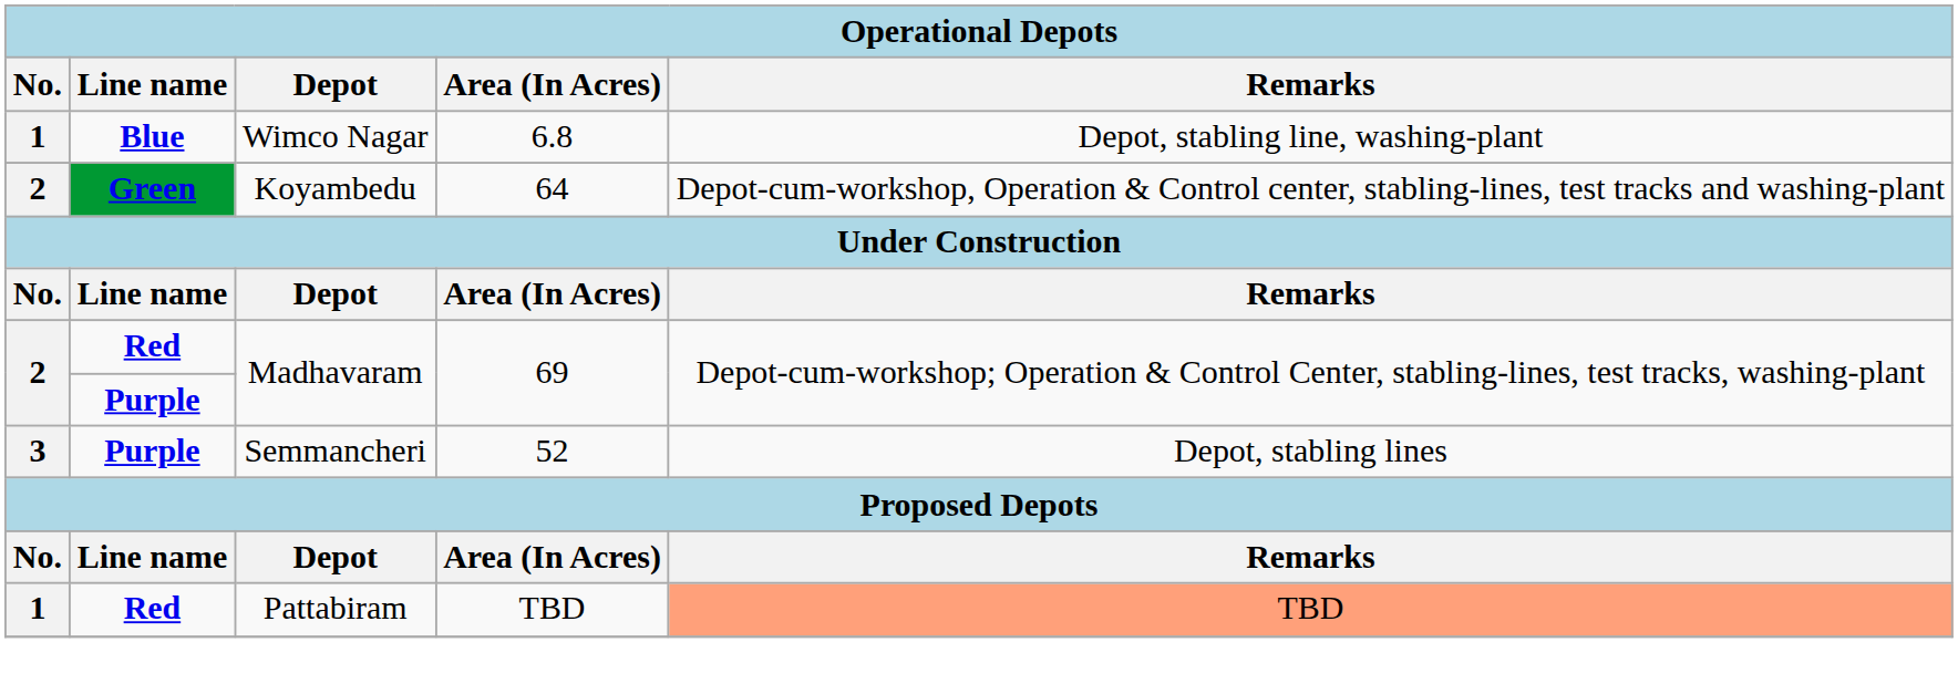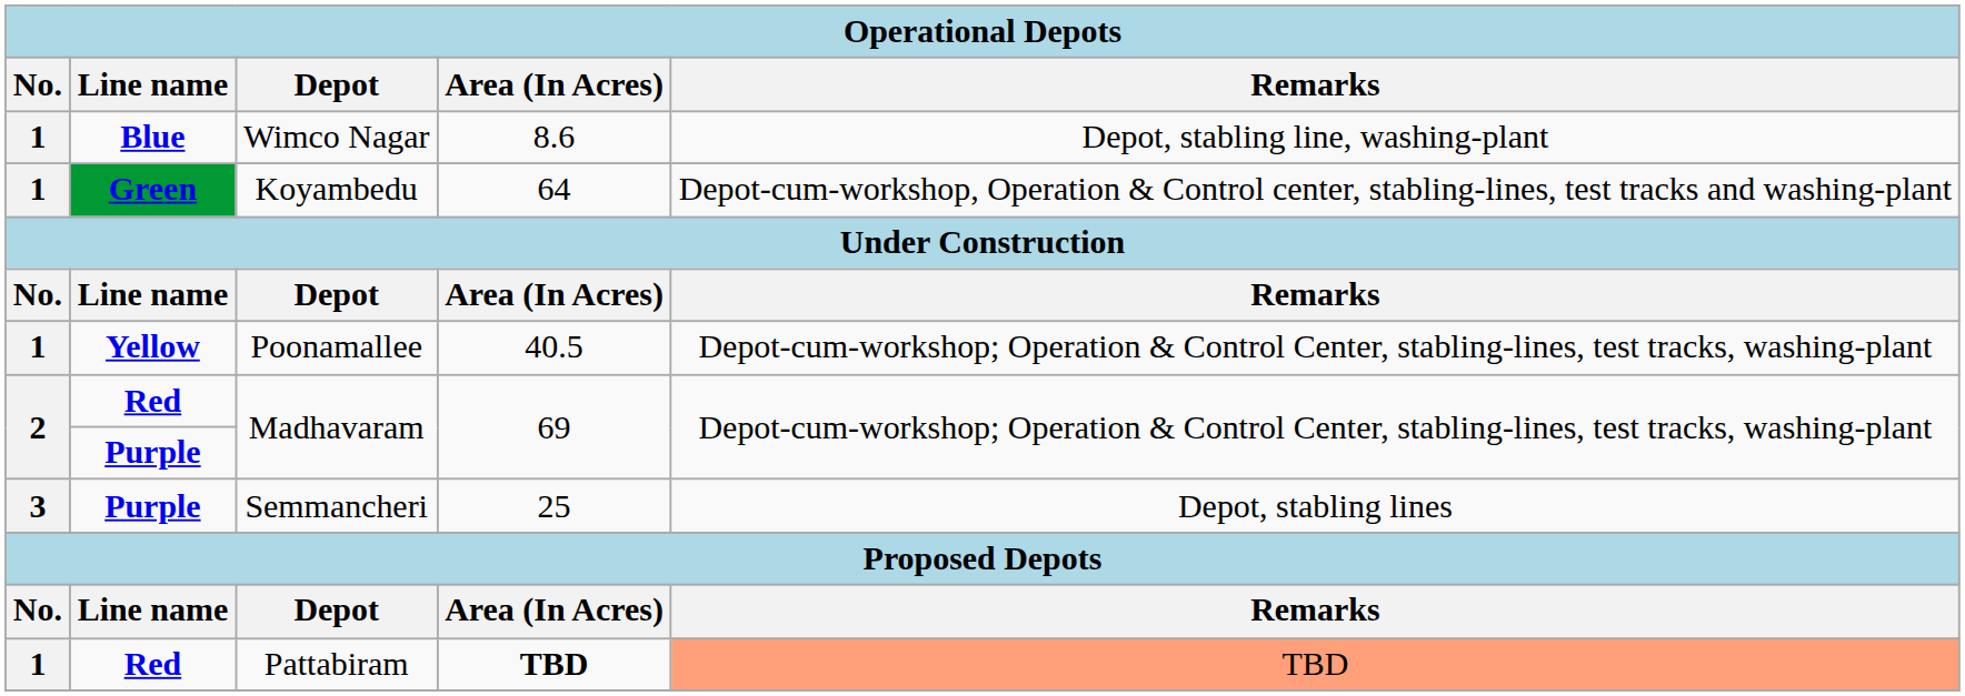 <table class="wikitable sortable" align="center" style="text-align:center; style=" font-size:85%;margin:auto">
 <tr>
 <th colspan="5" style="background:#ADD8E6;">Operational Depots</th>
 </tr>
 <tr>
 <th>No.</th>
 <th>Line name</th>
 <th>Depot</th>
 <th>Area (In Acres)</th>
 <th>Remarks</th>
 </tr>
 <tr>
 <th>1</th>
 <td style="background:#"><a href='#'><span><strong>Blue</strong></span></a></td>
 <td>Wimco Nagar</td>
-<td>6.8</td>
+<td>8.6</td>
 <td>Depot, stabling line, washing-plant</td>
 </tr>
 <tr>
-<th>2</th>
+<th>1</th>
 <td rowspan="1" style="background:#009933; text-align: center;"><a href='#'><span><strong>Green</strong></span></a></td>
 <td>Koyambedu</td>
 <td>64</td>
 <td>Depot-cum-workshop, Operation & Control center, stabling-lines, test tracks and washing-plant</td>
 </tr>
 <tr>
 <th colspan="5" style="background:#ADD8E6;">Under Construction</th>
 </tr>
 <tr>
 <th>No.</th>
 <th>Line name</th>
 <th>Depot</th>
 <th>Area (In Acres)</th>
 <th>Remarks</th>
 </tr>
 <tr>
+<th>1</th>
+<td style="background:#"><a href='#'><span><strong>Yellow</strong></span></a></td>
+<td>Poonamallee</td>
+<td>40.5</td>
+<td>Depot-cum-workshop; Operation & Control Center, stabling-lines, test tracks, washing-plant</td>
+</tr>
+<tr>
 <th rowspan="2">2</th>
 <td style="background:#"><a href='#'><span><strong>Red</strong></span></a></td>
 <td rowspan="2">Madhavaram</td>
 <td rowspan="2">69</td>
 <td rowspan="2">Depot-cum-workshop; Operation & Control Center, stabling-lines, test tracks, washing-plant</td>
 </tr>
 <tr>
 <td style="background:#"><a href='#'><span><strong>Purple</strong></span></a></td>
 </tr>
 <tr>
 <th>3</th>
 <td style="background:#"><a href='#'><span><strong>Purple</strong></span></a></td>
 <td>Semmancheri</td>
-<td>52</td>
+<td>25</td>
 <td>Depot, stabling lines</td>
 </tr>
 <tr>
 <th colspan="5" style="background:#ADD8E6;">Proposed Depots</th>
 </tr>
 <tr>
 <th>No.</th>
 <th>Line name</th>
 <th>Depot</th>
 <th>Area (In Acres)</th>
 <th>Remarks</th>
 </tr>
 <tr>
 <th>1</th>
 <td style="background:#"><a href='#'><span><strong>Red</strong></span></a></td>
 <td>Pattabiram</td>
-<td>TBD</td>
+<td><strong>TBD</strong></td>
 <td style="background: lightsalmon;">TBD</td>
 </tr>
 <tr>
 </tr>
 </table>
